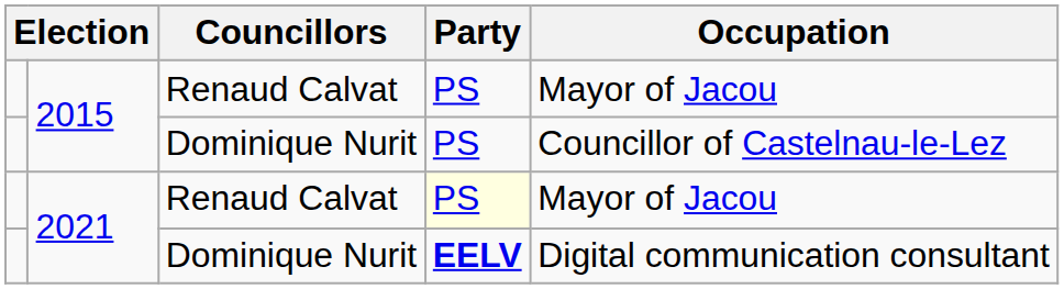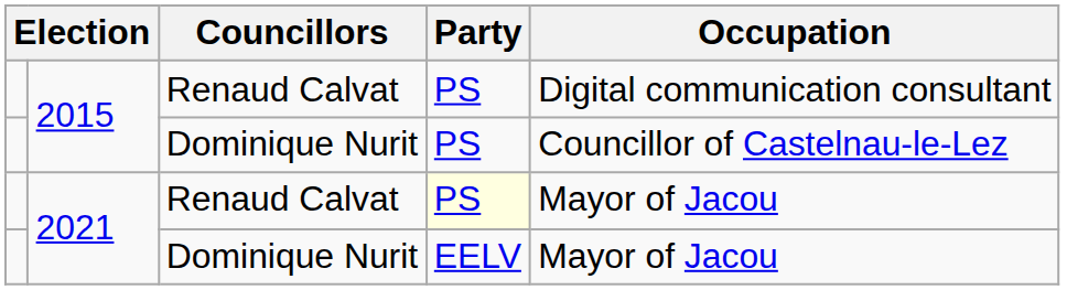 <table class="wikitable">
 <tr>
 <th colspan="2">Election</th>
 <th>Councillors</th>
 <th>Party</th>
 <th>Occupation</th>
 </tr>
 <tr>
 <td style="background-color: "></td>
 <td rowspan="2"><a href='#'>2015</a></td>
 <td>Renaud Calvat</td>
 <td><a href='#'>PS</a></td>
-<td>Mayor of <a href='#'>Jacou</a></td>
+<td>Digital communication consultant</td>
 </tr>
 <tr>
 <td style="background-color: "></td>
 <td>Dominique Nurit</td>
 <td><a href='#'>PS</a></td>
 <td>Councillor of <a href='#'>Castelnau-le-Lez</a></td>
 </tr>
 <tr>
 <td style="background-color: "></td>
 <td rowspan="2"><a href='#'>2021</a></td>
 <td>Renaud Calvat</td>
 <td style="background: lightyellow;"><a href='#'>PS</a></td>
 <td>Mayor of <a href='#'>Jacou</a></td>
 </tr>
 <tr>
 <td style="background-color: "></td>
 <td>Dominique Nurit</td>
-<td><strong><a href='#'>EELV</a></strong></td>
-<td>Digital communication consultant</td>
+<td><a href='#'>EELV</a></td>
+<td>Mayor of <a href='#'>Jacou</a></td>
 </tr>
 </table>
